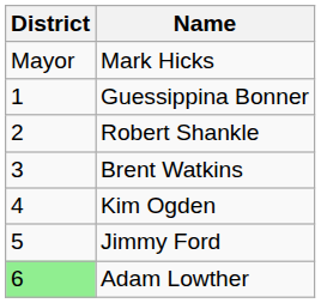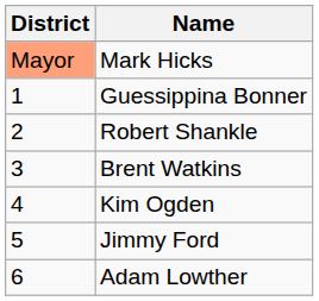 <table class="wikitable sortable">
 <tr>
 <th>District</th>
 <th>Name</th>
 </tr>
 <tr }>
-<td>Mayor</td>
+<td style="background: lightsalmon;">Mayor</td>
 <td>Mark Hicks</td>
 </tr>
 <tr>
 <td>1</td>
 <td>Guessippina Bonner</td>
 </tr>
 <tr>
 <td>2</td>
 <td>Robert Shankle</td>
 </tr>
 <tr>
 <td>3</td>
 <td>Brent Watkins</td>
 </tr>
 <tr>
 <td>4</td>
 <td>Kim Ogden</td>
 </tr>
 <tr>
 <td>5</td>
 <td>Jimmy Ford</td>
 </tr>
 <tr>
-<td style="background: lightgreen;">6</td>
+<td>6</td>
 <td>Adam Lowther</td>
 </tr>
 </table>
